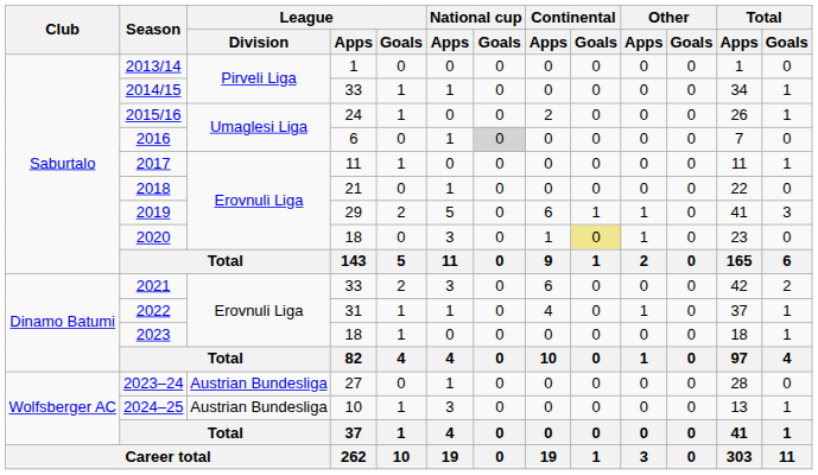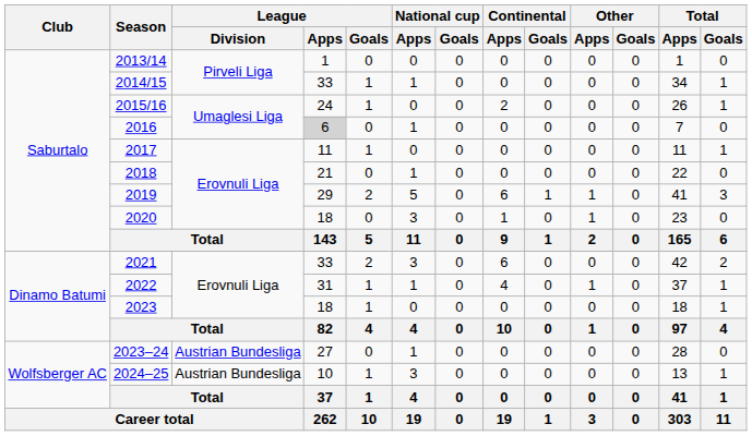 <table class="wikitable" style="text-align: center;">
 <tr>
 <th rowspan="2">Club</th>
 <th rowspan="2">Season</th>
 <th colspan="3">League</th>
 <th colspan="2">National cup</th>
 <th colspan="2">Continental</th>
 <th colspan="2">Other</th>
 <th colspan="2">Total</th>
 </tr>
 <tr>
 <th>Division</th>
 <th>Apps</th>
 <th>Goals</th>
 <th>Apps</th>
 <th>Goals</th>
 <th>Apps</th>
 <th>Goals</th>
 <th>Apps</th>
 <th>Goals</th>
 <th>Apps</th>
 <th>Goals</th>
 </tr>
 <tr>
 <td rowspan="9"><a href='#'>Saburtalo</a></td>
 <td><a href='#'>2013/14</a></td>
 <td rowspan="2"><a href='#'>Pirveli Liga</a></td>
 <td>1</td>
 <td>0</td>
 <td>0</td>
 <td>0</td>
 <td>0</td>
 <td>0</td>
 <td>0</td>
 <td>0</td>
 <td>1</td>
 <td>0</td>
 </tr>
 <tr>
 <td><a href='#'>2014/15</a></td>
 <td>33</td>
 <td>1</td>
 <td>1</td>
 <td>0</td>
 <td>0</td>
 <td>0</td>
 <td>0</td>
 <td>0</td>
 <td>34</td>
 <td>1</td>
 </tr>
 <tr>
 <td><a href='#'>2015/16</a></td>
 <td rowspan="2"><a href='#'>Umaglesi Liga</a></td>
 <td>24</td>
 <td>1</td>
 <td>0</td>
 <td>0</td>
 <td>2</td>
 <td>0</td>
 <td>0</td>
 <td>0</td>
 <td>26</td>
 <td>1</td>
 </tr>
 <tr>
 <td><a href='#'>2016</a></td>
-<td>6</td>
+<td style="background: lightgrey;">6</td>
 <td>0</td>
 <td>1</td>
-<td style="background: lightgrey;">0</td>
+<td>0</td>
 <td>0</td>
 <td>0</td>
 <td>0</td>
 <td>0</td>
 <td>7</td>
 <td>0</td>
 </tr>
 <tr>
 <td><a href='#'>2017</a></td>
 <td rowspan="4"><a href='#'>Erovnuli Liga</a></td>
 <td>11</td>
 <td>1</td>
 <td>0</td>
 <td>0</td>
 <td>0</td>
 <td>0</td>
 <td>0</td>
 <td>0</td>
 <td>11</td>
 <td>1</td>
 </tr>
 <tr>
 <td><a href='#'>2018</a></td>
 <td>21</td>
 <td>0</td>
 <td>1</td>
 <td>0</td>
 <td>0</td>
 <td>0</td>
 <td>0</td>
 <td>0</td>
 <td>22</td>
 <td>0</td>
 </tr>
 <tr>
 <td><a href='#'>2019</a></td>
 <td>29</td>
 <td>2</td>
 <td>5</td>
 <td>0</td>
 <td>6</td>
 <td>1</td>
 <td>1</td>
 <td>0</td>
 <td>41</td>
 <td>3</td>
 </tr>
 <tr>
 <td><a href='#'>2020</a></td>
 <td>18</td>
 <td>0</td>
 <td>3</td>
 <td>0</td>
 <td>1</td>
-<td style="background: khaki;">0</td>
+<td>0</td>
 <td>1</td>
 <td>0</td>
 <td>23</td>
 <td>0</td>
 </tr>
 <tr>
 <th colspan="2">Total</th>
 <th>143</th>
 <th>5</th>
 <th>11</th>
 <th>0</th>
 <th>9</th>
 <th>1</th>
 <th>2</th>
 <th>0</th>
 <th>165</th>
 <th>6</th>
 </tr>
 <tr>
 <td rowspan="4"><a href='#'>Dinamo Batumi</a></td>
 <td><a href='#'>2021</a></td>
 <td rowspan="3">Erovnuli Liga</td>
 <td>33</td>
 <td>2</td>
 <td>3</td>
 <td>0</td>
 <td>6</td>
 <td>0</td>
 <td>0</td>
 <td>0</td>
 <td>42</td>
 <td>2</td>
 </tr>
 <tr>
 <td><a href='#'>2022</a></td>
 <td>31</td>
 <td>1</td>
 <td>1</td>
 <td>0</td>
 <td>4</td>
 <td>0</td>
 <td>1</td>
 <td>0</td>
 <td>37</td>
 <td>1</td>
 </tr>
 <tr>
 <td><a href='#'>2023</a></td>
 <td>18</td>
 <td>1</td>
 <td>0</td>
 <td>0</td>
 <td>0</td>
 <td>0</td>
 <td>0</td>
 <td>0</td>
 <td>18</td>
 <td>1</td>
 </tr>
 <tr>
 <th colspan="2">Total</th>
 <th>82</th>
 <th>4</th>
 <th>4</th>
 <th>0</th>
 <th>10</th>
 <th>0</th>
 <th>1</th>
 <th>0</th>
 <th>97</th>
 <th>4</th>
 </tr>
 <tr>
 <td rowspan="3"><a href='#'>Wolfsberger AC</a></td>
 <td><a href='#'>2023–24</a></td>
 <td><a href='#'>Austrian Bundesliga</a></td>
 <td>27</td>
 <td>0</td>
 <td>1</td>
 <td>0</td>
 <td>0</td>
 <td>0</td>
 <td>0</td>
 <td>0</td>
 <td>28</td>
 <td>0</td>
 </tr>
 <tr>
 <td><a href='#'>2024–25</a></td>
 <td>Austrian Bundesliga</td>
 <td>10</td>
 <td>1</td>
 <td>3</td>
 <td>0</td>
 <td>0</td>
 <td>0</td>
 <td>0</td>
 <td>0</td>
 <td>13</td>
 <td>1</td>
 </tr>
 <tr>
 <th colspan="2">Total</th>
 <th>37</th>
 <th>1</th>
 <th>4</th>
 <th>0</th>
 <th>0</th>
 <th>0</th>
 <th>0</th>
 <th>0</th>
 <th>41</th>
 <th>1</th>
 </tr>
 <tr>
 <th colspan="3">Career total</th>
 <th>262</th>
 <th>10</th>
 <th>19</th>
 <th>0</th>
 <th>19</th>
 <th>1</th>
 <th>3</th>
 <th>0</th>
 <th>303</th>
 <th>11</th>
 </tr>
 </table>
